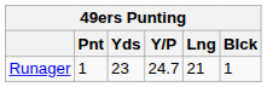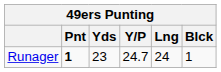 <table class="wikitable">
 <tr>
 <th colspan="6">49ers Punting</th>
 </tr>
 <tr>
 <th></th>
 <th>Pnt</th>
 <th>Yds</th>
 <th>Y/P</th>
 <th>Lng</th>
 <th>Blck</th>
 </tr>
 <tr>
 <td><a href='#'>Runager</a></td>
-<td>1</td>
+<td><strong>1</strong></td>
 <td>23</td>
 <td>24.7</td>
-<td>21</td>
+<td>24</td>
 <td>1</td>
 </tr>
 </table>
